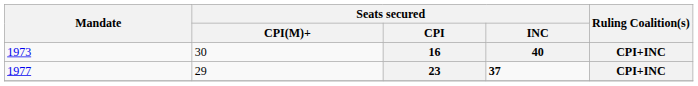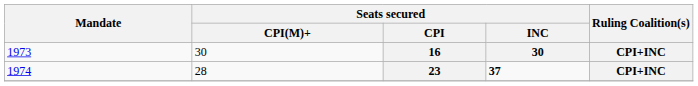 <table class="wikitable sortable"; text-align:center">
 <tr>
 <th rowspan="2">Mandate</th>
 <th colspan="3">Seats secured</th>
 <th colspan="2" rowspan="2">Ruling C<strong>oalition(s)</strong></th>
 </tr>
 <tr>
 <th style="color:"><strong>CPI(M)+</strong></th>
 <th style="color:"><strong>CPI</strong></th>
 <th style="color:"><strong>INC</strong></th>
 </tr>
 <tr>
 <td><a href='#'>1973</a></td>
 <td>30</td>
 <th style="width:15%;" Style="background-color:"><strong>16</strong></th>
-<th style="width:15%;" Style="background-color:"><strong>40</strong></th>
+<th style="width:15%;" Style="background-color:"><strong>30</strong></th>
 <th style="width:15%;" Style="background-color:">CPI+INC</th>
 </tr>
 <tr>
-<td><a href='#'>1977</a></td>
-<td>29</td>
+<td><a href='#'>1974</a></td>
+<td>28</td>
 <th style="width:15%;" Style="background-color:"><strong>23</strong></th>
 <td style="width:15%;" Style="background-color:"><strong>37</strong></td>
 <th style="width:15%;" Style="background-color:">CPI+INC</th>
 </tr>
 <tr>
 </tr>
 </table>
